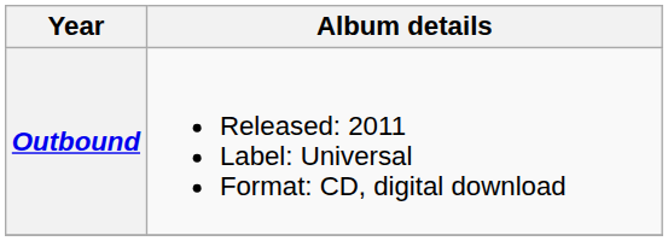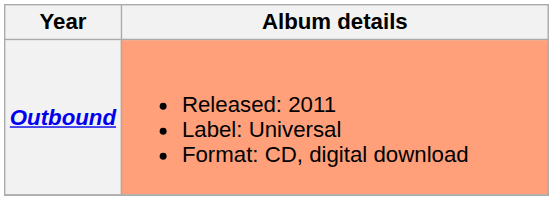 <table class="wikitable plainrowheaders">
 <tr>
 <th>Year</th>
 <th width="300">Album details</th>
 </tr>
 <tr>
 <th scope="row" align="center"><em><a href='#'>Outbound</a></em></th>
-<td><br><ul><li>Released: 2011</li><li>Label: Universal</li><li>Format: CD, digital download</li></ul></td>
+<td style="background: lightsalmon;"><br><ul><li>Released: 2011</li><li>Label: Universal</li><li>Format: CD, digital download</li></ul></td>
 </tr>
 <tr>
 </tr>
 </table>
